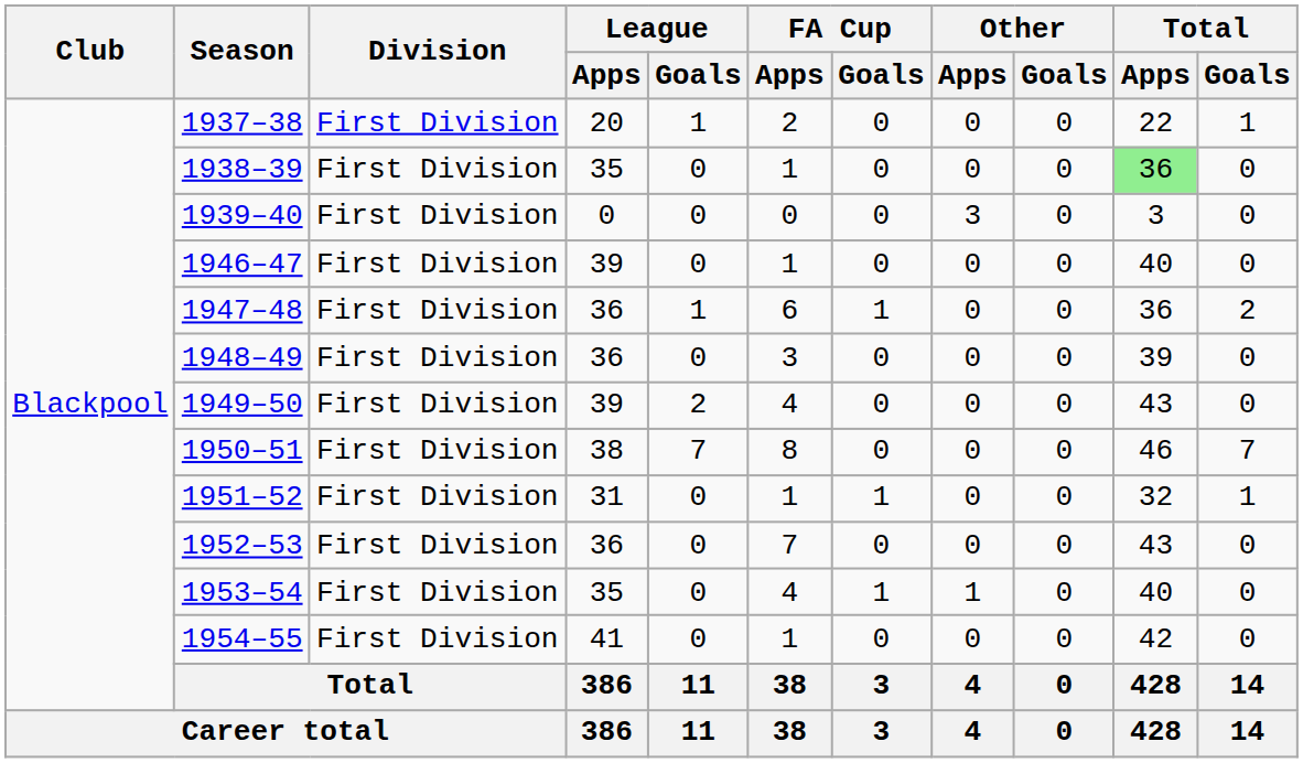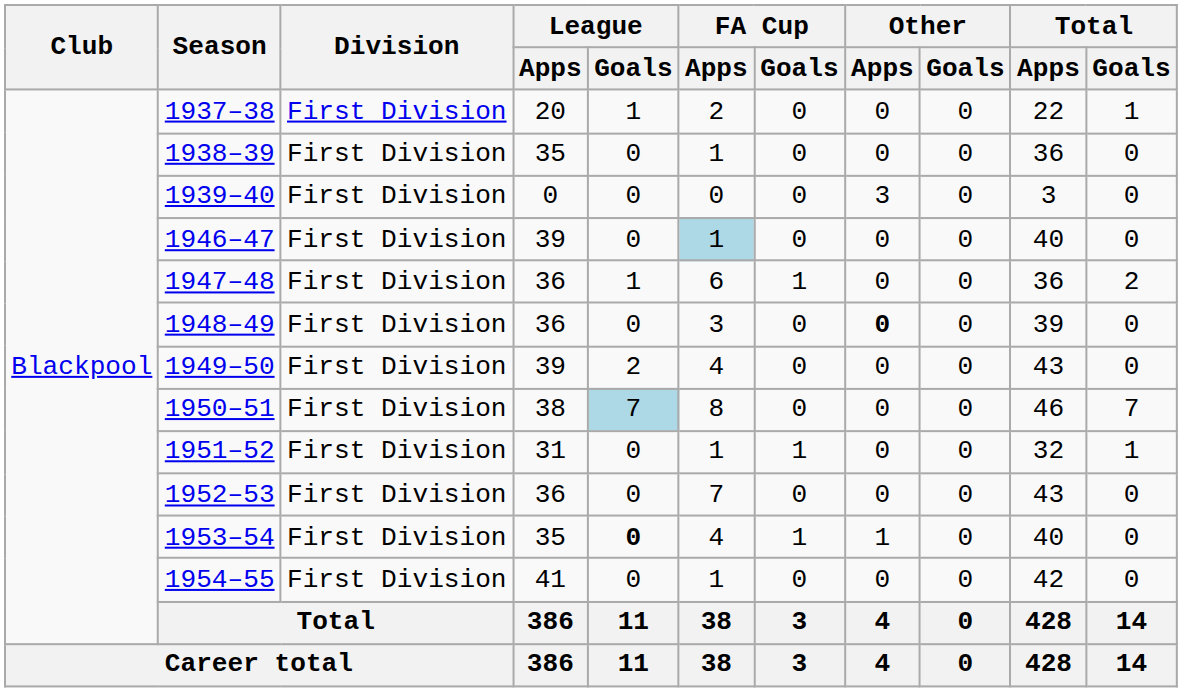 <table class="wikitable" style="text-align:center;">
 <tr>
 <th rowspan="2">Club</th>
 <th rowspan="2">Season</th>
 <th rowspan="2">Division</th>
 <th colspan="2">League</th>
 <th colspan="2">FA Cup</th>
 <th colspan="2">Other</th>
 <th colspan="2">Total</th>
 </tr>
 <tr>
 <th>Apps</th>
 <th>Goals</th>
 <th>Apps</th>
 <th>Goals</th>
 <th>Apps</th>
 <th>Goals</th>
 <th>Apps</th>
 <th>Goals</th>
 </tr>
 <tr>
 <td rowspan="13"><a href='#'>Blackpool</a></td>
 <td><a href='#'>1937–38</a></td>
 <td><a href='#'>First Division</a></td>
 <td>20</td>
 <td>1</td>
 <td>2</td>
 <td>0</td>
 <td>0</td>
 <td>0</td>
 <td>22</td>
 <td>1</td>
 </tr>
 <tr>
 <td><a href='#'>1938–39</a></td>
 <td>First Division</td>
 <td>35</td>
 <td>0</td>
 <td>1</td>
 <td>0</td>
 <td>0</td>
 <td>0</td>
-<td style="background: lightgreen;">36</td>
+<td>36</td>
 <td>0</td>
 </tr>
 <tr>
 <td><a href='#'>1939–40</a></td>
 <td>First Division</td>
 <td>0</td>
 <td>0</td>
 <td>0</td>
 <td>0</td>
 <td>3</td>
 <td>0</td>
 <td>3</td>
 <td>0</td>
 </tr>
 <tr>
 <td><a href='#'>1946–47</a></td>
 <td>First Division</td>
 <td>39</td>
 <td>0</td>
-<td>1</td>
+<td style="background: lightblue;">1</td>
 <td>0</td>
 <td>0</td>
 <td>0</td>
 <td>40</td>
 <td>0</td>
 </tr>
 <tr>
 <td><a href='#'>1947–48</a></td>
 <td>First Division</td>
 <td>36</td>
 <td>1</td>
 <td>6</td>
 <td>1</td>
 <td>0</td>
 <td>0</td>
 <td>36</td>
 <td>2</td>
 </tr>
 <tr>
 <td><a href='#'>1948–49</a></td>
 <td>First Division</td>
 <td>36</td>
 <td>0</td>
 <td>3</td>
 <td>0</td>
-<td>0</td>
+<td><strong>0</strong></td>
 <td>0</td>
 <td>39</td>
 <td>0</td>
 </tr>
 <tr>
 <td><a href='#'>1949–50</a></td>
 <td>First Division</td>
 <td>39</td>
 <td>2</td>
 <td>4</td>
 <td>0</td>
 <td>0</td>
 <td>0</td>
 <td>43</td>
 <td>0</td>
 </tr>
 <tr>
 <td><a href='#'>1950–51</a></td>
 <td>First Division</td>
 <td>38</td>
-<td>7</td>
+<td style="background: lightblue;">7</td>
 <td>8</td>
 <td>0</td>
 <td>0</td>
 <td>0</td>
 <td>46</td>
 <td>7</td>
 </tr>
 <tr>
 <td><a href='#'>1951–52</a></td>
 <td>First Division</td>
 <td>31</td>
 <td>0</td>
 <td>1</td>
 <td>1</td>
 <td>0</td>
 <td>0</td>
 <td>32</td>
 <td>1</td>
 </tr>
 <tr>
 <td><a href='#'>1952–53</a></td>
 <td>First Division</td>
 <td>36</td>
 <td>0</td>
 <td>7</td>
 <td>0</td>
 <td>0</td>
 <td>0</td>
 <td>43</td>
 <td>0</td>
 </tr>
 <tr>
 <td><a href='#'>1953–54</a></td>
 <td>First Division</td>
 <td>35</td>
-<td>0</td>
+<td><strong>0</strong></td>
 <td>4</td>
 <td>1</td>
 <td>1</td>
 <td>0</td>
 <td>40</td>
 <td>0</td>
 </tr>
 <tr>
 <td><a href='#'>1954–55</a></td>
 <td>First Division</td>
 <td>41</td>
 <td>0</td>
 <td>1</td>
 <td>0</td>
 <td>0</td>
 <td>0</td>
 <td>42</td>
 <td>0</td>
 </tr>
 <tr>
 <th colspan="2">Total</th>
 <th>386</th>
 <th>11</th>
 <th>38</th>
 <th>3</th>
 <th>4</th>
 <th>0</th>
 <th>428</th>
 <th>14</th>
 </tr>
 <tr>
 <th colspan="3">Career total</th>
 <th>386</th>
 <th>11</th>
 <th>38</th>
 <th>3</th>
 <th>4</th>
 <th>0</th>
 <th>428</th>
 <th>14</th>
 </tr>
 </table>
